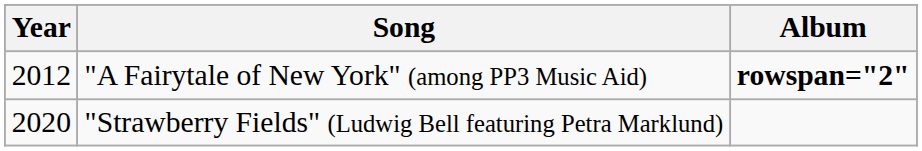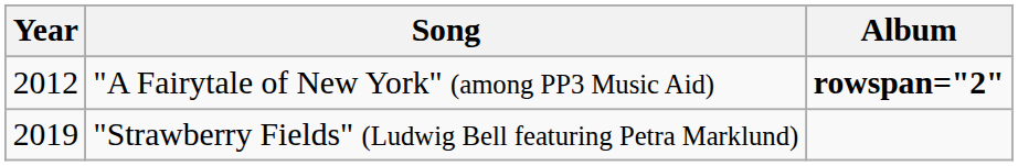 <table class="wikitable plainrowheaders" style="text-align:center;">
 <tr>
 <th scope="col">Year</th>
 <th scope="col">Song</th>
 <th scope="col">Album</th>
 </tr>
 <tr>
 <td>2012</td>
 <td style="text-align:left;">"A Fairytale of New York" <small>(among PP3 Music Aid)</small></td>
 <td><strong>rowspan="2" </strong></td>
 </tr>
 <tr>
-<td>2020</td>
+<td>2019</td>
 <td style="text-align:left;">"Strawberry Fields" <small>(Ludwig Bell featuring Petra Marklund)</small></td>
 </tr>
 </table>
